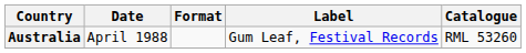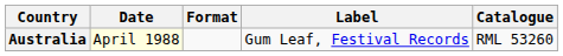 <table class="wikitable plainrowheaders">
 <tr>
 <th scope="col">Country</th>
 <th scope="col">Date</th>
 <th scope="col">Format</th>
 <th scope="col">Label</th>
 <th scope="col">Catalogue</th>
 </tr>
 <tr>
 <th scope="row">Australia</th>
-<td>April 1988</td>
+<td style="background: lightyellow;">April 1988</td>
 <td></td>
 <td>Gum Leaf, <a href='#'>Festival Records</a></td>
 <td>RML 53260</td>
 </tr>
 <tr>
 </tr>
 </table>
